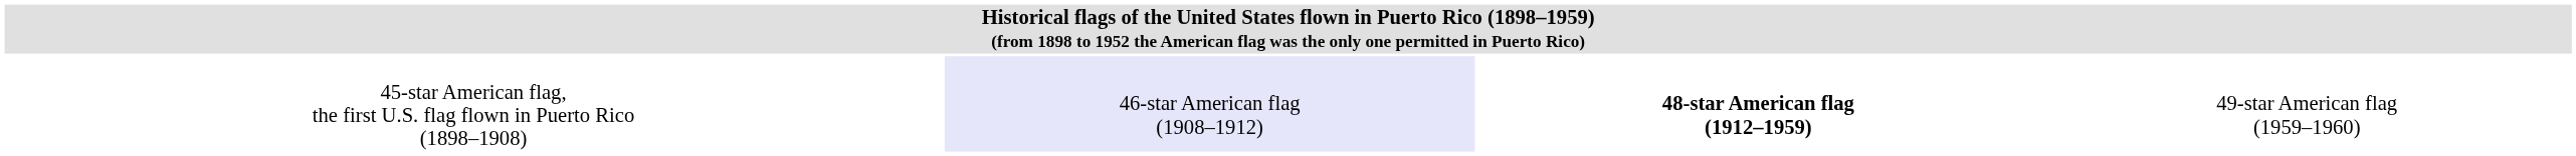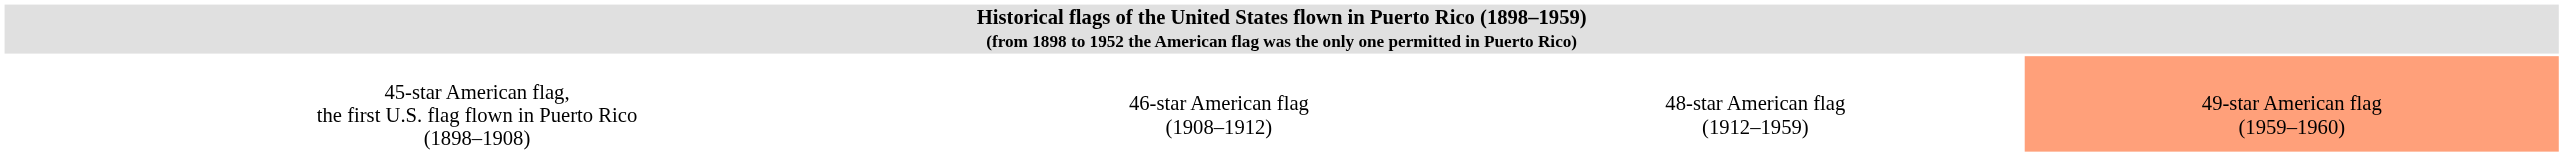 <table class=toccolours style="width: 100%; margin-bottom: 0.5em;">
 <tr>
 <th colspan="9" style="background-color: #E0E0E0;text-align:center;">Historical flags of the United States flown in Puerto Rico (1898–1959)<br><small>(from 1898 to 1952 the American flag was the only one permitted in Puerto Rico)</small></th>
 </tr>
 <tr>
 <td align="center"><br>45-star American flag,<br> the first U.S. flag flown in Puerto Rico <br>(1898–1908)</td>
-<td align="center" style="background: lavender;"><br>46-star American flag<br> (1908–1912)</td>
-<td align="center"><strong><br>48-star American flag<br> (1912–1959)</strong></td>
-<td align="center"><br>49-star American flag<br> (1959–1960)</td>
+<td align="center"><br>46-star American flag<br> (1908–1912)</td>
+<td align="center"><br>48-star American flag<br> (1912–1959)</td>
+<td align="center" style="background: lightsalmon;"><br>49-star American flag<br> (1959–1960)</td>
 </tr>
 <tr>
 </tr>
 </table>
